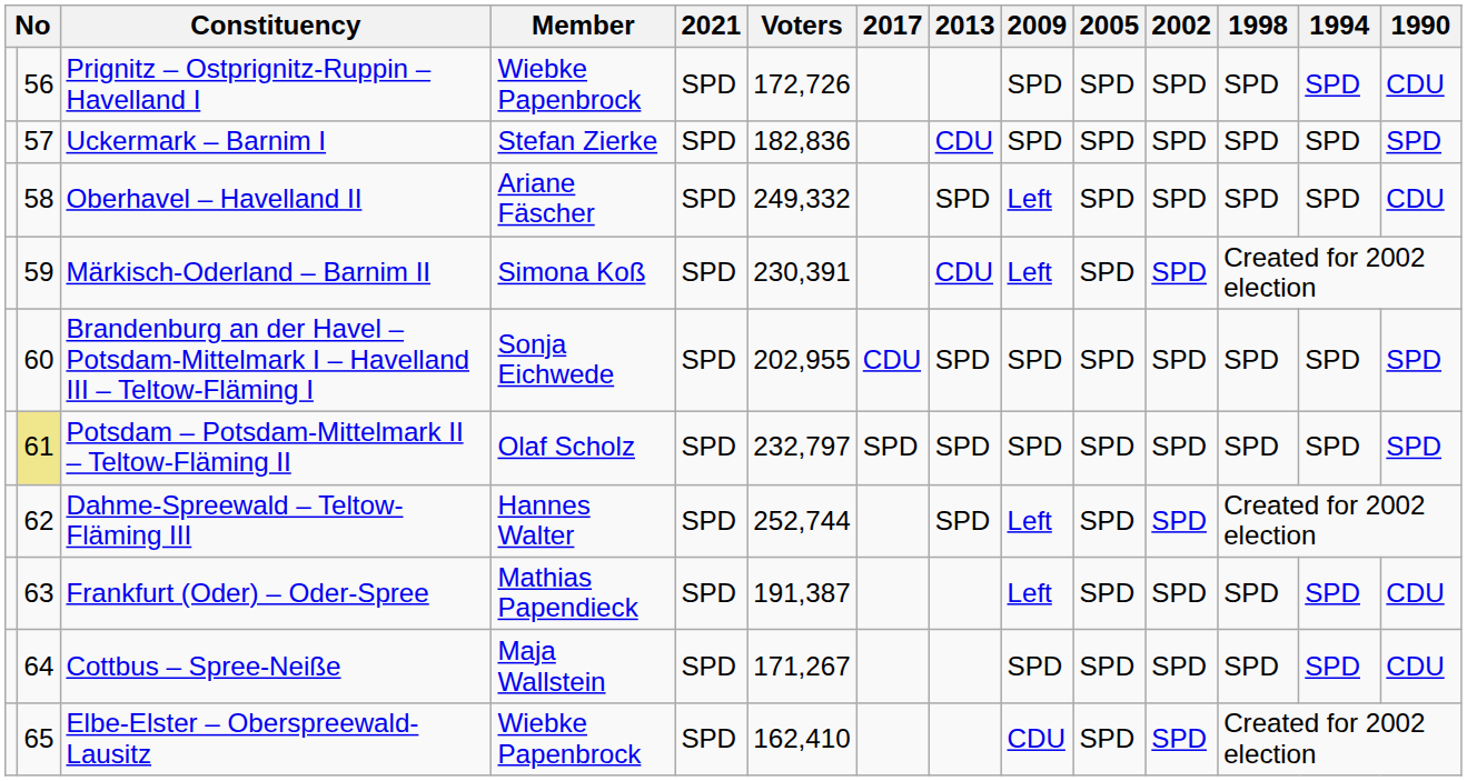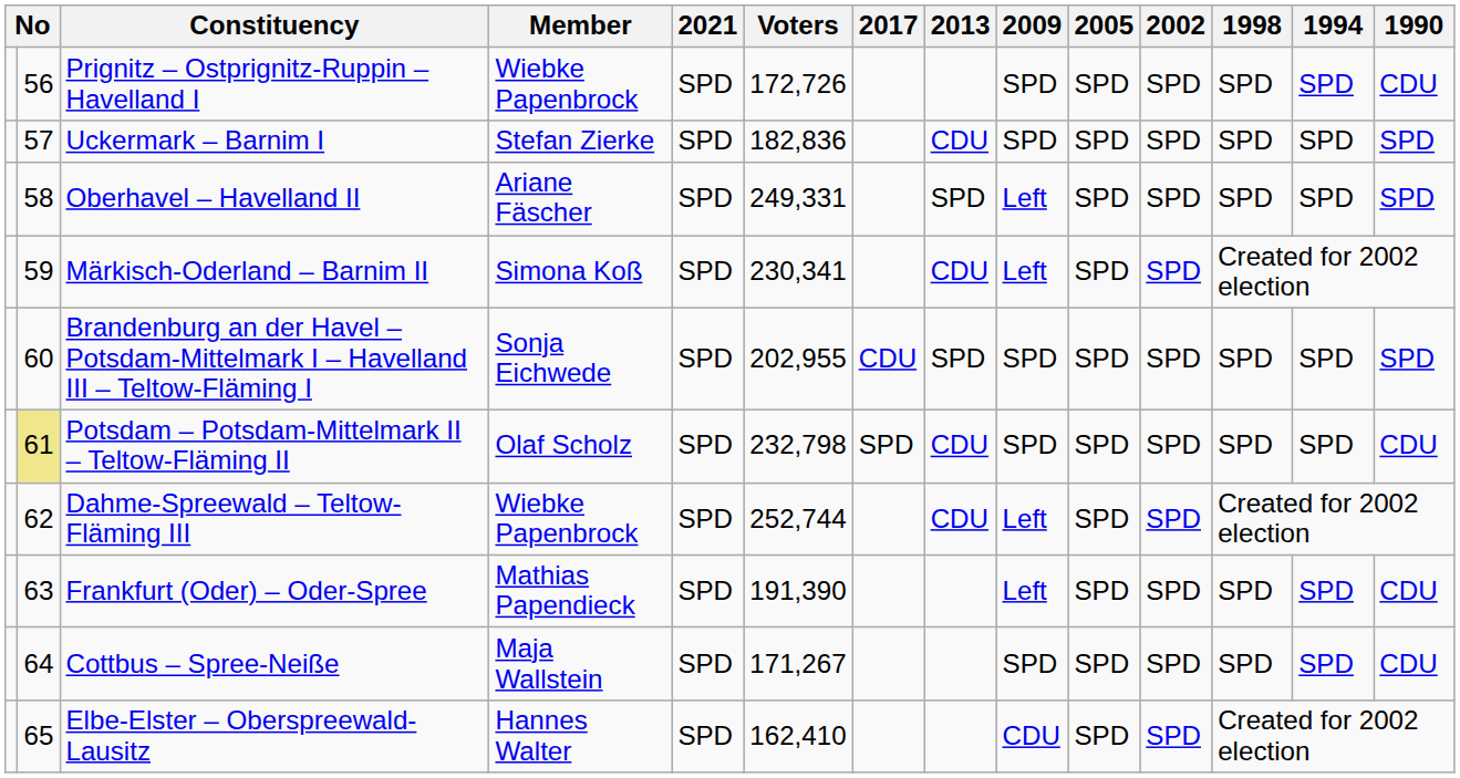 <table class="wikitable sortable">
 <tr>
 <th colspan=2>No</th>
 <th>Constituency</th>
 <th>Member</th>
 <th>2021</th>
 <th>Voters</th>
 <th>2017</th>
 <th>2013</th>
 <th>2009</th>
 <th>2005</th>
 <th>2002</th>
 <th>1998</th>
 <th>1994</th>
 <th>1990</th>
 </tr>
 <tr>
 <td style="background-color: "></td>
 <td>56</td>
 <td><a href='#'>Prignitz – Ostprignitz-Ruppin – Havelland I</a></td>
 <td><a href='#'>Wiebke Papenbrock</a></td>
 <td bgcolor=>SPD</td>
 <td>172,726</td>
 <td></td>
 <td></td>
 <td bgcolor=>SPD</td>
 <td bgcolor=>SPD</td>
 <td bgcolor=>SPD</td>
 <td bgcolor=>SPD</td>
 <td><a href='#'>SPD</a></td>
 <td><a href='#'>CDU</a></td>
 </tr>
 <tr>
 <td style="background-color: "></td>
 <td>57</td>
 <td><a href='#'>Uckermark – Barnim I</a></td>
 <td><a href='#'>Stefan Zierke</a></td>
 <td bgcolor=>SPD</td>
 <td>182,836</td>
 <td></td>
 <td><a href='#'>CDU</a></td>
 <td bgcolor=>SPD</td>
 <td bgcolor=>SPD</td>
 <td bgcolor=>SPD</td>
 <td bgcolor=>SPD</td>
 <td bgcolor=>SPD</td>
 <td><a href='#'>SPD</a></td>
 </tr>
 <tr>
 <td style="background-color: "></td>
 <td>58</td>
 <td><a href='#'>Oberhavel – Havelland II</a></td>
 <td><a href='#'>Ariane Fäscher</a></td>
 <td bgcolor=>SPD</td>
-<td>249,332</td>
+<td>249,331</td>
 <td></td>
 <td bgcolor=>SPD</td>
 <td><a href='#'>Left</a></td>
 <td bgcolor=>SPD</td>
 <td bgcolor=>SPD</td>
 <td bgcolor=>SPD</td>
 <td bgcolor=>SPD</td>
-<td><a href='#'>CDU</a></td>
+<td><a href='#'>SPD</a></td>
 </tr>
 <tr>
 <td style="background-color: "></td>
 <td>59</td>
 <td><a href='#'>Märkisch-Oderland – Barnim II</a></td>
 <td><a href='#'>Simona Koß</a></td>
 <td bgcolor=>SPD</td>
-<td>230,391</td>
+<td>230,341</td>
 <td></td>
 <td><a href='#'>CDU</a></td>
 <td><a href='#'>Left</a></td>
 <td bgcolor=>SPD</td>
 <td><a href='#'>SPD</a></td>
 <td colspan=3>Created for 2002 election</td>
 </tr>
 <tr>
 <td style="background-color: "></td>
 <td>60</td>
 <td><a href='#'>Brandenburg an der Havel – Potsdam-Mittelmark I – Havelland III – Teltow-Fläming I</a></td>
 <td><a href='#'>Sonja Eichwede</a></td>
 <td bgcolor=>SPD</td>
 <td>202,955</td>
 <td><a href='#'>CDU</a></td>
 <td bgcolor=>SPD</td>
 <td bgcolor=>SPD</td>
 <td bgcolor=>SPD</td>
 <td bgcolor=>SPD</td>
 <td bgcolor=>SPD</td>
 <td bgcolor=>SPD</td>
 <td><a href='#'>SPD</a></td>
 </tr>
 <tr>
 <td style="background-color: "></td>
 <td style="background: khaki;">61</td>
 <td><a href='#'>Potsdam – Potsdam-Mittelmark II – Teltow-Fläming II</a></td>
 <td><a href='#'>Olaf Scholz</a></td>
 <td bgcolor=>SPD</td>
-<td>232,797</td>
+<td>232,798</td>
+<td bgcolor=>SPD</td>
+<td><a href='#'>CDU</a></td>
 <td bgcolor=>SPD</td>
 <td bgcolor=>SPD</td>
 <td bgcolor=>SPD</td>
 <td bgcolor=>SPD</td>
 <td bgcolor=>SPD</td>
-<td bgcolor=>SPD</td>
-<td bgcolor=>SPD</td>
-<td><a href='#'>SPD</a></td>
+<td><a href='#'>CDU</a></td>
 </tr>
 <tr>
 <td style="background-color: "></td>
 <td>62</td>
 <td><a href='#'>Dahme-Spreewald – Teltow-Fläming III</a></td>
-<td><a href='#'>Hannes Walter</a></td>
+<td><a href='#'>Wiebke Papenbrock</a></td>
 <td bgcolor=>SPD</td>
 <td>252,744</td>
 <td></td>
-<td bgcolor=>SPD</td>
+<td><a href='#'>CDU</a></td>
 <td><a href='#'>Left</a></td>
 <td bgcolor=>SPD</td>
 <td><a href='#'>SPD</a></td>
 <td colspan=3>Created for 2002 election</td>
 </tr>
 <tr>
 <td style="background-color: "></td>
 <td>63</td>
 <td><a href='#'>Frankfurt (Oder) – Oder-Spree</a></td>
 <td><a href='#'>Mathias Papendieck</a></td>
 <td bgcolor=>SPD</td>
-<td>191,387</td>
+<td>191,390</td>
 <td></td>
 <td></td>
 <td><a href='#'>Left</a></td>
 <td bgcolor=>SPD</td>
 <td bgcolor=>SPD</td>
 <td bgcolor=>SPD</td>
 <td><a href='#'>SPD</a></td>
 <td><a href='#'>CDU</a></td>
 </tr>
 <tr>
 <td style="background-color: "></td>
 <td>64</td>
 <td><a href='#'>Cottbus – Spree-Neiße</a></td>
 <td><a href='#'>Maja Wallstein</a></td>
 <td bgcolor=>SPD</td>
 <td>171,267</td>
 <td></td>
 <td></td>
 <td bgcolor=>SPD</td>
 <td bgcolor=>SPD</td>
 <td bgcolor=>SPD</td>
 <td bgcolor=>SPD</td>
 <td><a href='#'>SPD</a></td>
 <td><a href='#'>CDU</a></td>
 </tr>
 <tr>
 <td style="background-color: "></td>
 <td>65</td>
 <td><a href='#'>Elbe-Elster – Oberspreewald-Lausitz</a></td>
-<td><a href='#'>Wiebke Papenbrock</a></td>
+<td><a href='#'>Hannes Walter</a></td>
 <td bgcolor=>SPD</td>
 <td>162,410</td>
 <td></td>
 <td></td>
 <td><a href='#'>CDU</a></td>
 <td bgcolor=>SPD</td>
 <td><a href='#'>SPD</a></td>
 <td colspan=3>Created for 2002 election</td>
 </tr>
 </table>
